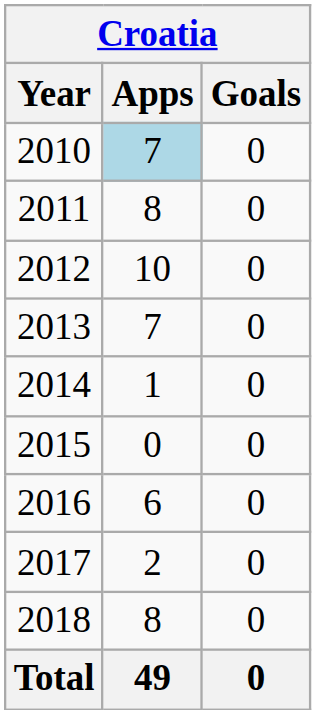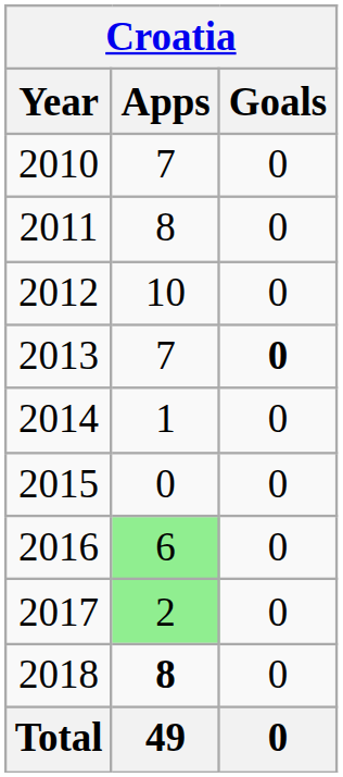 <table class="wikitable" style="text-align:center">
 <tr>
 <th colspan=3><a href='#'>Croatia</a></th>
 </tr>
 <tr>
 <th>Year</th>
 <th>Apps</th>
 <th>Goals</th>
 </tr>
 <tr>
 <td>2010</td>
-<td style="background: lightblue;">7</td>
+<td>7</td>
 <td>0</td>
 </tr>
 <tr>
 <td>2011</td>
 <td>8</td>
 <td>0</td>
 </tr>
 <tr>
 <td>2012</td>
 <td>10</td>
 <td>0</td>
 </tr>
 <tr>
 <td>2013</td>
 <td>7</td>
-<td>0</td>
+<td><strong>0</strong></td>
 </tr>
 <tr>
 <td>2014</td>
 <td>1</td>
 <td>0</td>
 </tr>
 <tr>
 <td>2015</td>
 <td>0</td>
 <td>0</td>
 </tr>
 <tr>
 <td>2016</td>
-<td>6</td>
+<td style="background: lightgreen;">6</td>
 <td>0</td>
 </tr>
 <tr>
 <td>2017</td>
-<td>2</td>
+<td style="background: lightgreen;">2</td>
 <td>0</td>
 </tr>
 <tr>
 <td>2018</td>
-<td>8</td>
+<td><strong>8</strong></td>
 <td>0</td>
 </tr>
 <tr>
 <th>Total</th>
 <th>49</th>
 <th>0</th>
 </tr>
 </table>
